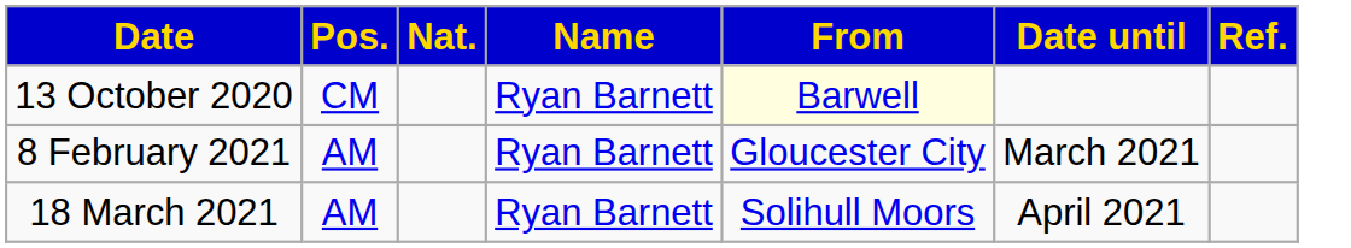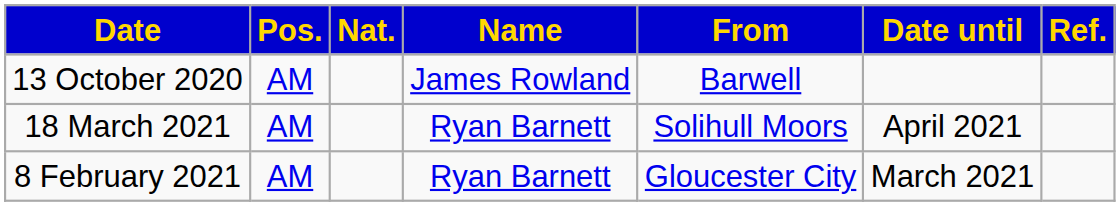 <table class="wikitable"  style="text-align:center; font-size:90%; ">
 <tr>
 <th style="background:mediumblue;color:gold;">Date</th>
 <th style="background:mediumblue;color:gold;">Pos.</th>
 <th style="background:mediumblue;color:gold;">Nat.</th>
 <th style="background:mediumblue;color:gold;">Name</th>
 <th style="background:mediumblue;color:gold;">From</th>
 <th style="background:mediumblue;color:gold;">Date until</th>
 <th style="background:mediumblue;color:gold;">Ref.</th>
 </tr>
 <tr>
 <td>13 October 2020</td>
-<td><a href='#'>CM</a></td>
+<td><a href='#'>AM</a></td>
+<td></td>
+<td><a href='#'>James Rowland</a></td>
+<td> <a href='#'>Barwell</a></td>
+<td></td>
+<td></td>
+</tr>
+<tr>
+<td>18 March 2021</td>
+<td><a href='#'>AM</a></td>
 <td></td>
 <td><a href='#'>Ryan Barnett</a></td>
-<td style="background: lightyellow;"> <a href='#'>Barwell</a></td>
-<td></td>
+<td> <a href='#'>Solihull Moors</a></td>
+<td>April 2021</td>
 <td></td>
 </tr>
 <tr>
 <td>8 February 2021</td>
 <td><a href='#'>AM</a></td>
 <td></td>
 <td><a href='#'>Ryan Barnett</a></td>
 <td> <a href='#'>Gloucester City</a></td>
 <td>March 2021</td>
 <td></td>
 </tr>
-<tr>
-<td>18 March 2021</td>
-<td><a href='#'>AM</a></td>
-<td></td>
-<td><a href='#'>Ryan Barnett</a></td>
-<td> <a href='#'>Solihull Moors</a></td>
-<td>April 2021</td>
-<td></td>
-</tr>
 </table>
